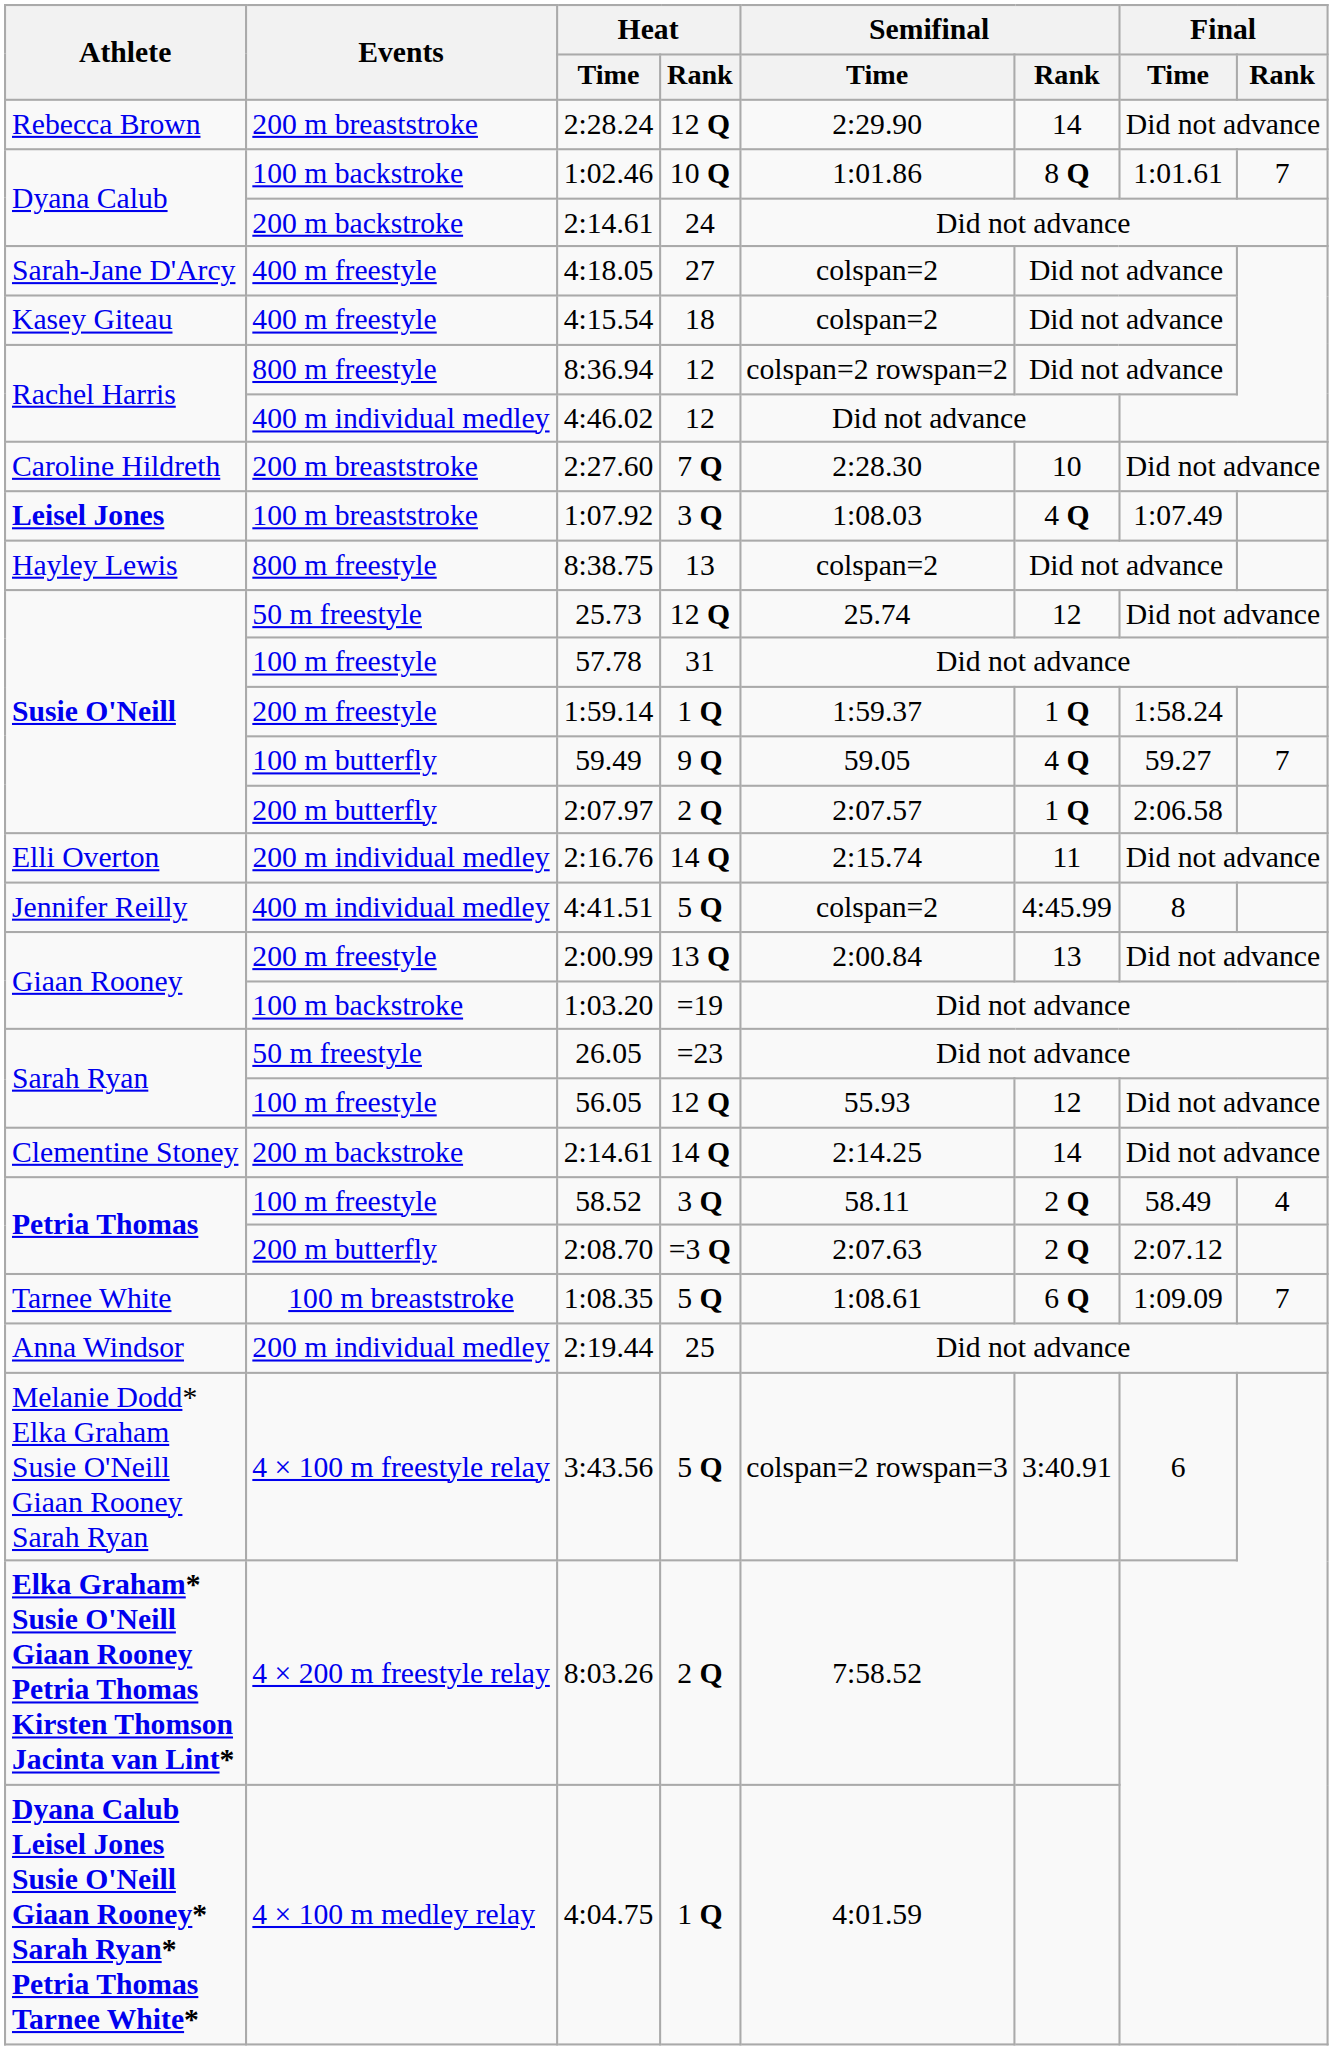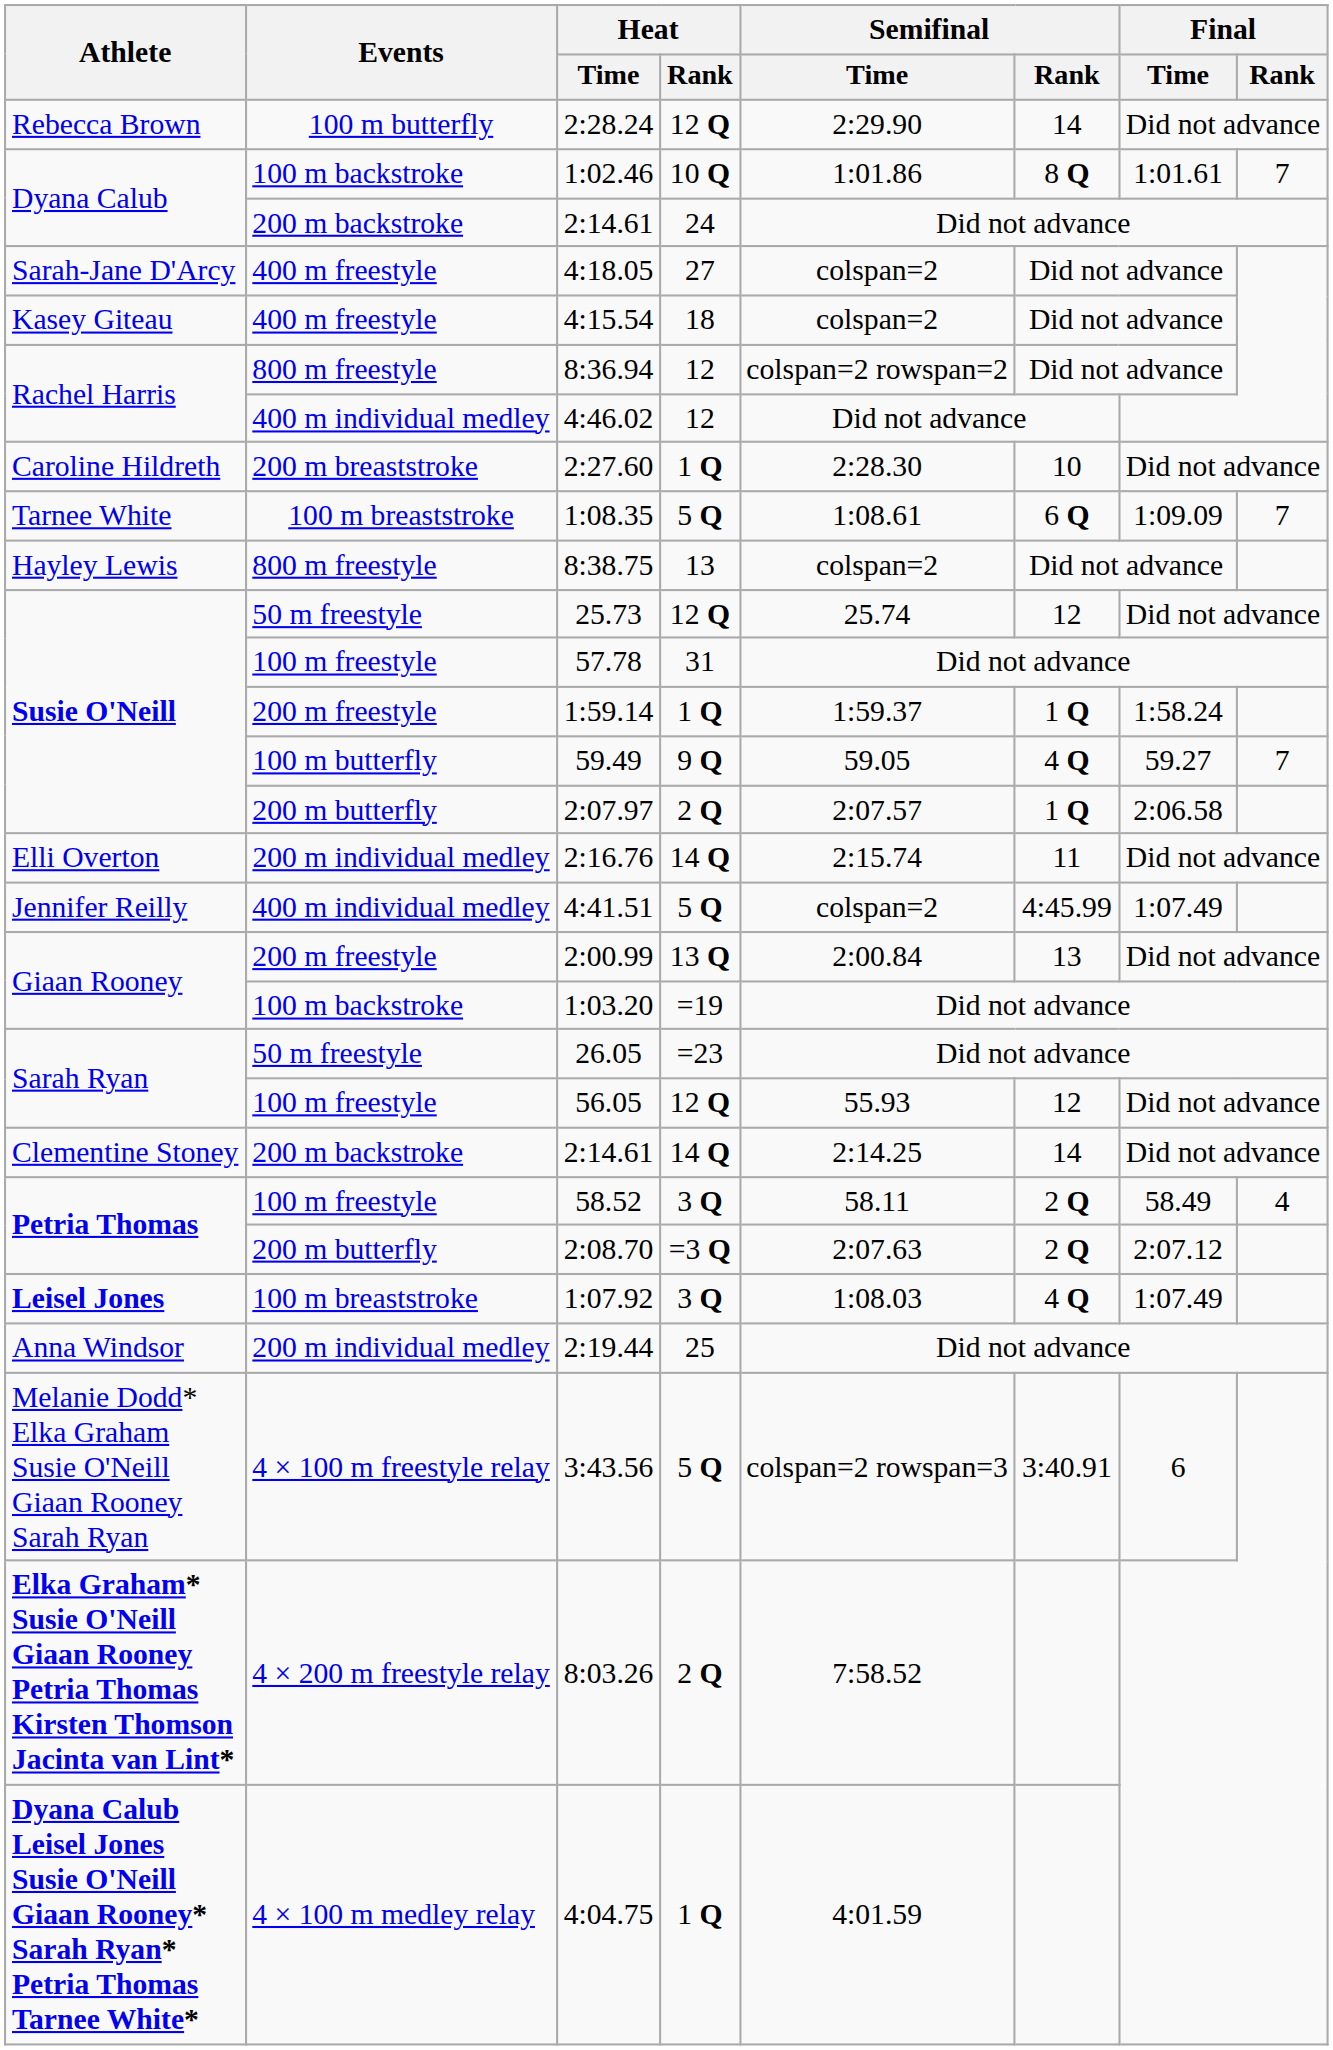 <table class=wikitable style="font-size:90%">
 <tr>
 <th rowspan="2">Athlete</th>
 <th rowspan="2">Events</th>
 <th colspan="2">Heat</th>
 <th colspan="2">Semifinal</th>
 <th colspan="2">Final</th>
 </tr>
 <tr style="font-size:95%">
 <th>Time</th>
 <th>Rank</th>
 <th>Time</th>
 <th>Rank</th>
 <th>Time</th>
 <th>Rank</th>
 </tr>
 <tr align=center>
 <td align=left><a href='#'>Rebecca Brown</a></td>
-<td align=left><a href='#'>200 m breaststroke</a></td>
+<td><a href='#'>100 m butterfly</a></td>
 <td>2:28.24</td>
 <td>12 <strong>Q</strong></td>
 <td>2:29.90</td>
 <td>14</td>
 <td COLSPAN=2>Did not advance</td>
 </tr>
 <tr align=center>
 <td align=left ROWSPAN=2><a href='#'>Dyana Calub</a></td>
 <td align=left><a href='#'>100 m backstroke</a></td>
 <td>1:02.46</td>
 <td>10 <strong>Q</strong></td>
 <td>1:01.86</td>
 <td>8 <strong>Q</strong></td>
 <td>1:01.61</td>
 <td>7</td>
 </tr>
 <tr align=center>
 <td align=left><a href='#'>200 m backstroke</a></td>
 <td>2:14.61</td>
 <td>24</td>
 <td colspan=4>Did not advance</td>
 </tr>
 <tr align=center>
 <td align=left><a href='#'>Sarah-Jane D'Arcy</a></td>
 <td align=left><a href='#'>400 m freestyle</a></td>
 <td>4:18.05</td>
 <td>27</td>
 <td>colspan=2 </td>
 <td colspan=2>Did not advance</td>
 </tr>
 <tr align=center>
 <td align=left><a href='#'>Kasey Giteau</a></td>
 <td align=left><a href='#'>400 m freestyle</a></td>
 <td>4:15.54</td>
 <td>18</td>
 <td>colspan=2 </td>
 <td colspan=2>Did not advance</td>
 </tr>
 <tr align=center>
 <td align=left rowspan=2><a href='#'>Rachel Harris</a></td>
 <td align=left><a href='#'>800 m freestyle</a></td>
 <td>8:36.94</td>
 <td>12</td>
 <td>colspan=2 rowspan=2 </td>
 <td colspan=2>Did not advance</td>
 </tr>
 <tr align=center>
 <td align=left><a href='#'>400 m individual medley</a></td>
 <td>4:46.02</td>
 <td>12</td>
 <td colspan=2>Did not advance</td>
 </tr>
 <tr align=center>
 <td align=left><a href='#'>Caroline Hildreth</a></td>
 <td align=left><a href='#'>200 m breaststroke</a></td>
 <td>2:27.60</td>
-<td>7 <strong>Q</strong></td>
+<td>1 <strong>Q</strong></td>
 <td>2:28.30</td>
 <td>10</td>
 <td colspan=2>Did not advance</td>
 </tr>
 <tr align=center>
-<td align=left><strong><a href='#'>Leisel Jones</a></strong></td>
-<td align=left><a href='#'>100 m breaststroke</a></td>
-<td>1:07.92</td>
-<td>3 <strong>Q</strong></td>
-<td>1:08.03</td>
-<td>4 <strong>Q</strong></td>
-<td>1:07.49</td>
-<td></td>
+<td align=left><a href='#'>Tarnee White</a></td>
+<td algin=left><a href='#'>100 m breaststroke</a></td>
+<td>1:08.35</td>
+<td>5 <strong>Q</strong></td>
+<td>1:08.61</td>
+<td>6 <strong>Q</strong></td>
+<td>1:09.09</td>
+<td>7</td>
 </tr>
 <tr ALIGN=CENTER>
 <td align=left><a href='#'>Hayley Lewis</a></td>
 <td align=left><a href='#'>800 m freestyle</a></td>
 <td>8:38.75</td>
 <td>13</td>
 <td>colspan=2 </td>
 <td colspan=2>Did not advance</td>
 </tr>
 <tr align=center>
 <td align=left rowspan=5><strong><a href='#'>Susie O'Neill</a></strong></td>
 <td align=left><a href='#'>50 m freestyle</a></td>
 <td>25.73</td>
 <td>12 <strong>Q</strong></td>
 <td>25.74</td>
 <td>12</td>
 <td colspan=2>Did not advance</td>
 </tr>
 <tr align=center>
 <td align=left><a href='#'>100 m freestyle</a></td>
 <td>57.78</td>
 <td>31</td>
 <td colspan=4>Did not advance</td>
 </tr>
 <tr align=center>
 <td align=left><a href='#'>200 m freestyle</a></td>
 <td>1:59.14</td>
 <td>1 <strong>Q</strong></td>
 <td>1:59.37</td>
 <td>1 <strong>Q</strong></td>
 <td>1:58.24</td>
 <td></td>
 </tr>
 <tr align=center>
 <td align=left><a href='#'>100 m butterfly</a></td>
 <td>59.49</td>
 <td>9 <strong>Q</strong></td>
 <td>59.05</td>
 <td>4 <strong>Q</strong></td>
 <td>59.27</td>
 <td>7</td>
 </tr>
 <tr ALIGN=CENTER>
 <td align=left><a href='#'>200 m butterfly</a></td>
 <td>2:07.97</td>
 <td>2 <strong>Q</strong></td>
 <td>2:07.57</td>
 <td>1 <strong>Q</strong></td>
 <td>2:06.58</td>
 <td></td>
 </tr>
 <tr align=center>
 <td align=left><a href='#'>Elli Overton</a></td>
 <td><a href='#'>200 m individual medley</a></td>
 <td>2:16.76</td>
 <td>14 <strong>Q</strong></td>
 <td>2:15.74</td>
 <td>11</td>
 <td colspan=2>Did not advance</td>
 </tr>
 <tr align=center>
 <td align=left><a href='#'>Jennifer Reilly</a></td>
 <td align=left><a href='#'>400 m individual medley</a></td>
 <td>4:41.51</td>
 <td>5 <strong>Q</strong></td>
 <td>colspan=2 </td>
 <td>4:45.99</td>
-<td>8</td>
+<td>1:07.49</td>
 </tr>
 <tr align=center>
 <td align=left rowspan=2><a href='#'>Giaan Rooney</a></td>
 <td align=left><a href='#'>200 m freestyle</a></td>
 <td>2:00.99</td>
 <td>13 <strong>Q</strong></td>
 <td>2:00.84</td>
 <td>13</td>
 <td colspan=2>Did not advance</td>
 </tr>
 <tr align=center>
 <td align=left><a href='#'>100 m backstroke</a></td>
 <td>1:03.20</td>
 <td>=19</td>
 <td colspan=4>Did not advance</td>
 </tr>
 <tr align=center>
 <td align=left rowspan=2><a href='#'>Sarah Ryan</a></td>
 <td align=left><a href='#'>50 m freestyle</a></td>
 <td>26.05</td>
 <td>=23</td>
 <td colspan=4>Did not advance</td>
 </tr>
 <tr align=center>
 <td align=left><a href='#'>100 m freestyle</a></td>
 <td>56.05</td>
 <td>12 <strong>Q</strong></td>
 <td>55.93</td>
 <td>12</td>
 <td COLSPAN=2>Did not advance</td>
 </tr>
 <tr align=center>
 <td align=left><a href='#'>Clementine Stoney</a></td>
 <td align=left><a href='#'>200 m backstroke</a></td>
 <td>2:14.61</td>
 <td>14 <strong>Q</strong></td>
 <td>2:14.25</td>
 <td>14</td>
 <td COLSPAN=2>Did not advance</td>
 </tr>
 <tr align=center>
 <td ALIGN=LEFT rowspan=2><strong><a href='#'>Petria Thomas</a></strong></td>
 <td align=left><a href='#'>100 m freestyle</a></td>
 <td>58.52</td>
 <td>3 <strong>Q</strong></td>
 <td>58.11</td>
 <td>2 <strong>Q</strong></td>
 <td>58.49</td>
 <td>4</td>
 </tr>
 <tr ALIGN=CENTER>
 <td align=left><a href='#'>200 m butterfly</a></td>
 <td>2:08.70</td>
 <td>=3 <strong>Q</strong></td>
 <td>2:07.63</td>
 <td>2 <strong>Q</strong></td>
 <td>2:07.12</td>
 <td></td>
 </tr>
 <tr align=center>
-<td align=left><a href='#'>Tarnee White</a></td>
-<td algin=left><a href='#'>100 m breaststroke</a></td>
-<td>1:08.35</td>
-<td>5 <strong>Q</strong></td>
-<td>1:08.61</td>
-<td>6 <strong>Q</strong></td>
-<td>1:09.09</td>
-<td>7</td>
+<td align=left><strong><a href='#'>Leisel Jones</a></strong></td>
+<td align=left><a href='#'>100 m breaststroke</a></td>
+<td>1:07.92</td>
+<td>3 <strong>Q</strong></td>
+<td>1:08.03</td>
+<td>4 <strong>Q</strong></td>
+<td>1:07.49</td>
+<td></td>
 </tr>
 <tr ALIGN=CENTER>
 <td align=left><a href='#'>Anna Windsor</a></td>
 <td align=left><a href='#'>200 m individual medley</a></td>
 <td>2:19.44</td>
 <td>25</td>
 <td colspan=4>Did not advance</td>
 </tr>
 <tr align=center>
 <td align=left><a href='#'>Melanie Dodd</a>*<br><a href='#'>Elka Graham</a><br><a href='#'>Susie O'Neill</a><br><a href='#'>Giaan Rooney</a><br><a href='#'>Sarah Ryan</a></td>
 <td align=left><a href='#'>4 × 100 m freestyle relay</a></td>
 <td>3:43.56</td>
 <td>5 <strong>Q</strong></td>
 <td>colspan=2 rowspan=3 </td>
 <td>3:40.91</td>
 <td>6</td>
 </tr>
 <tr align=center>
 <td align=left><strong><a href='#'>Elka Graham</a>*<br><a href='#'>Susie O'Neill</a><br><a href='#'>Giaan Rooney</a><br><a href='#'>Petria Thomas</a><br><a href='#'>Kirsten Thomson</a><br><a href='#'>Jacinta van Lint</a>*</strong></td>
 <td align=left><a href='#'>4 × 200 m freestyle relay</a></td>
 <td>8:03.26</td>
 <td>2 <strong>Q</strong></td>
 <td>7:58.52</td>
 <td></td>
 </tr>
 <tr align=center>
 <td align=left><strong><a href='#'>Dyana Calub</a><br><a href='#'>Leisel Jones</a><br><a href='#'>Susie O'Neill</a><br><a href='#'>Giaan Rooney</a>*<br><a href='#'>Sarah Ryan</a>*<br><a href='#'>Petria Thomas</a><br><a href='#'>Tarnee White</a>*</strong></td>
 <td align=left><a href='#'>4 × 100 m medley relay</a></td>
 <td>4:04.75</td>
 <td>1 <strong>Q</strong></td>
 <td>4:01.59</td>
 <td></td>
 </tr>
 </table>
